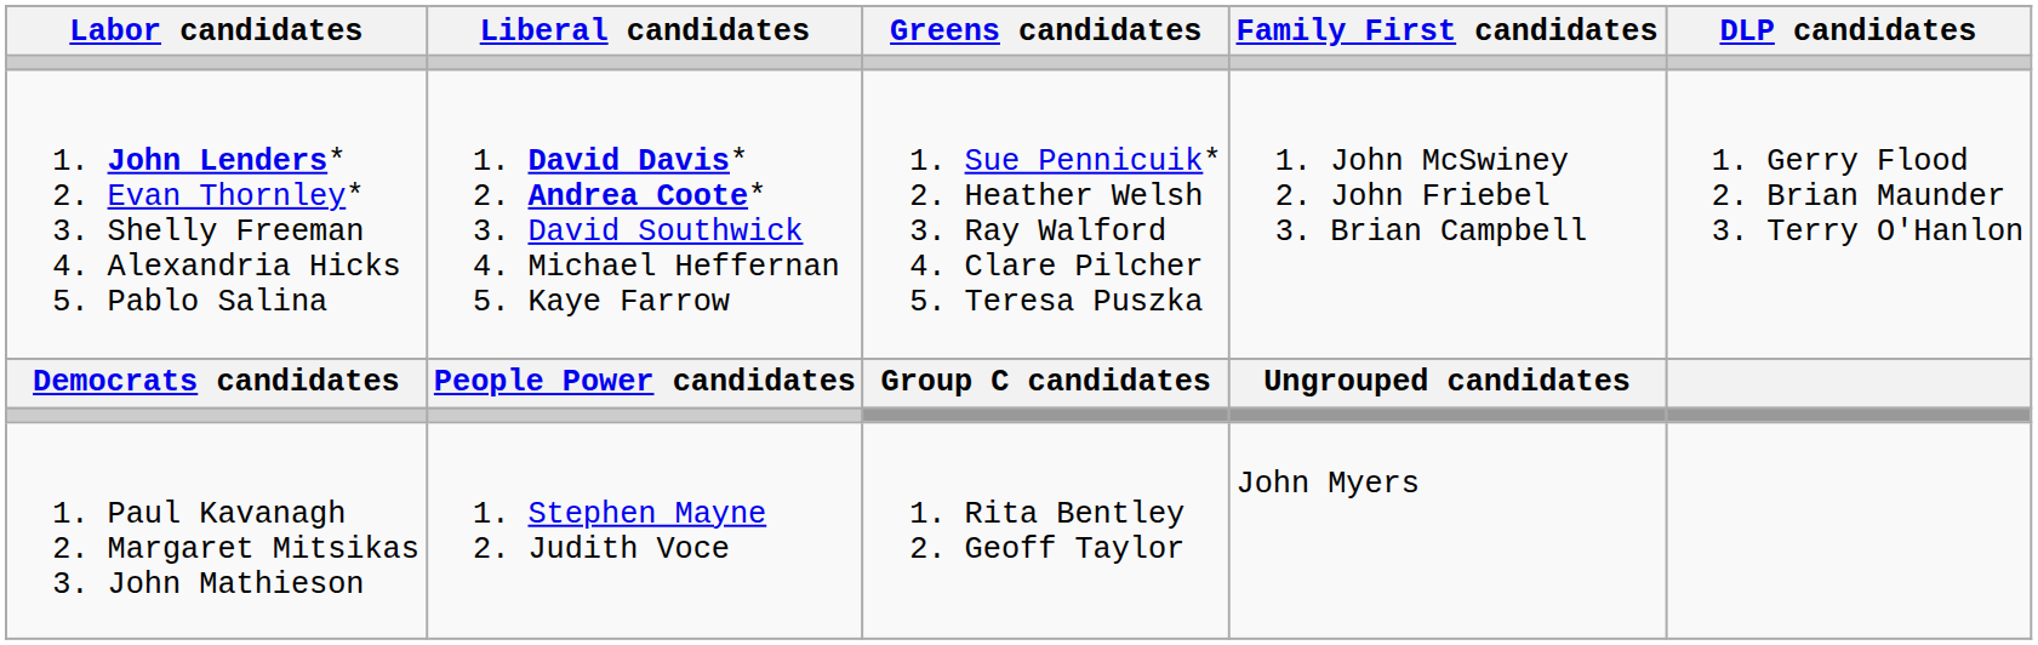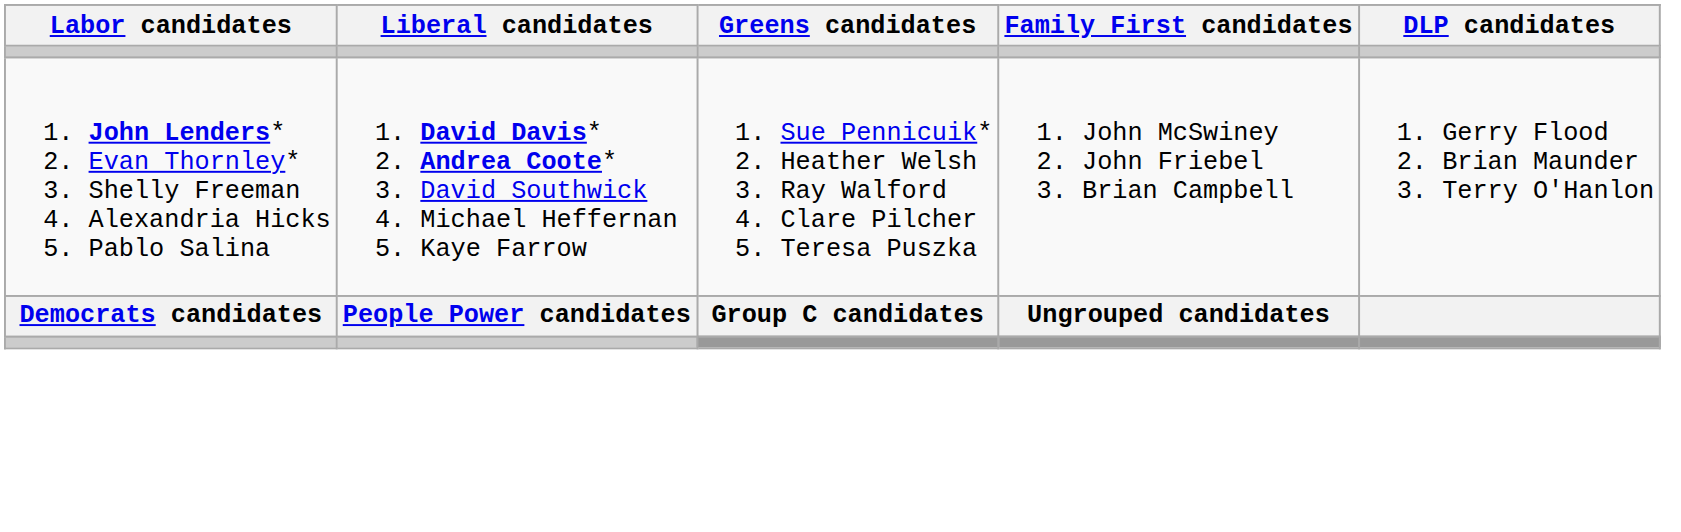 <table class="wikitable">
 <tr>
 <th><a href='#'>Labor</a> candidates</th>
 <th><a href='#'>Liberal</a> candidates</th>
 <th><a href='#'>Greens</a> candidates</th>
 <th><a href='#'>Family First</a> candidates</th>
 <th><a href='#'>DLP</a> candidates</th>
 </tr>
 <tr bgcolor="#cccccc">
 <td></td>
 <td></td>
 <td></td>
 <td></td>
 <td></td>
 </tr>
 <tr>
 <td><br><ol><li><strong><a href='#'>John Lenders</a></strong>*</li><li><a href='#'>Evan Thornley</a>*</li><li>Shelly Freeman</li><li>Alexandria Hicks</li><li>Pablo Salina</li></ol></td>
 <td><br><ol><li><strong><a href='#'>David Davis</a></strong>*</li><li><strong><a href='#'>Andrea Coote</a></strong>*</li><li><a href='#'>David Southwick</a></li><li>Michael Heffernan</li><li>Kaye Farrow</li></ol></td>
 <td><br><ol><li><a href='#'>Sue Pennicuik</a>*</li><li>Heather Welsh</li><li>Ray Walford</li><li>Clare Pilcher</li><li>Teresa Puszka</li></ol></td>
 <td valign=top><br><ol><li>John McSwiney</li><li>John Friebel</li><li>Brian Campbell</li></ol></td>
 <td valign=top><br><ol><li>Gerry Flood</li><li>Brian Maunder</li><li>Terry O'Hanlon</li></ol></td>
 </tr>
 <tr bgcolor="#cccccc">
 <th><a href='#'>Democrats</a> candidates</th>
 <th><a href='#'>People Power</a> candidates</th>
 <th>Group C candidates</th>
 <th>Ungrouped candidates</th>
 <th></th>
 </tr>
 <tr bgcolor="#cccccc">
 <td></td>
 <td></td>
 <td bgcolor="#999999"></td>
 <td bgcolor="#999999"></td>
 <td bgcolor="#999999"></td>
 </tr>
-<tr>
-<td valign=top><br><ol><li>Paul Kavanagh</li><li>Margaret Mitsikas</li><li>John Mathieson</li></ol></td>
-<td valign=top><br><ol><li><a href='#'>Stephen Mayne</a></li><li>Judith Voce</li></ol></td>
-<td valign=top><br><ol><li>Rita Bentley</li><li>Geoff Taylor</li></ol></td>
-<td valign=top><br>John Myers</td>
-<td valign=top></td>
-</tr>
 </table>
